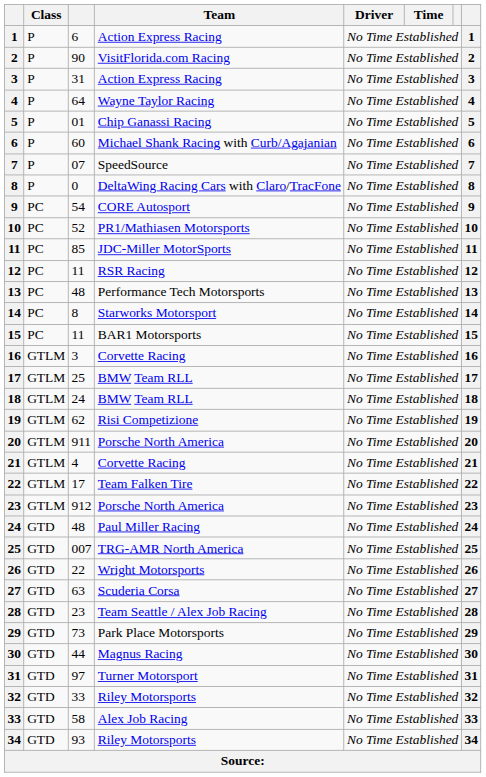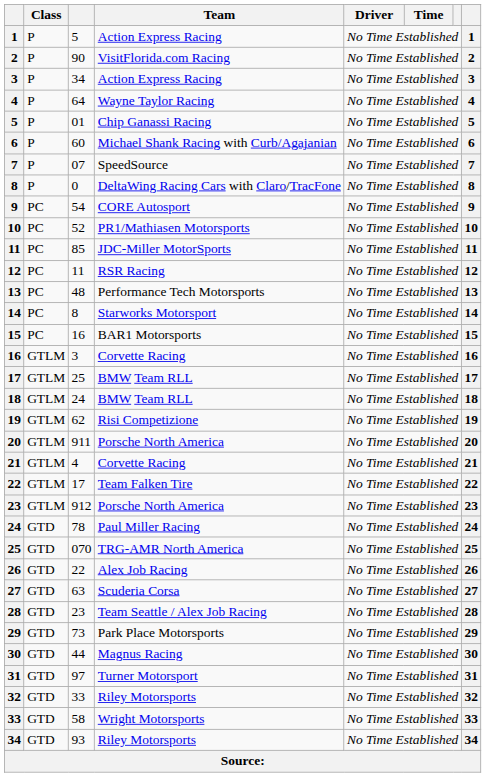 <table class="wikitable">
 <tr>
 <th></th>
 <th>Class</th>
 <th></th>
 <th>Team</th>
 <th>Driver</th>
 <th>Time</th>
 <th></th>
 <th></th>
 </tr>
 <tr>
 <th>1</th>
 <td>P</td>
-<td>6</td>
+<td>5</td>
 <td> <a href='#'>Action Express Racing</a></td>
 <td colspan="3"><em>No Time Established</em></td>
 <th>1</th>
 </tr>
 <tr>
 <th>2</th>
 <td>P</td>
 <td>90</td>
 <td> <a href='#'>VisitFlorida.com Racing</a></td>
 <td colspan="3"><em>No Time Established</em></td>
 <th>2</th>
 </tr>
 <tr>
 <th>3</th>
 <td>P</td>
-<td>31</td>
+<td>34</td>
 <td> <a href='#'>Action Express Racing</a></td>
 <td colspan="3"><em>No Time Established</em></td>
 <th>3</th>
 </tr>
 <tr>
 <th>4</th>
 <td>P</td>
 <td>64</td>
 <td> <a href='#'>Wayne Taylor Racing</a></td>
 <td colspan="3"><em>No Time Established</em></td>
 <th>4</th>
 </tr>
 <tr>
 <th>5</th>
 <td>P</td>
 <td>01</td>
 <td> <a href='#'>Chip Ganassi Racing</a></td>
 <td colspan="3"><em>No Time Established</em></td>
 <th>5</th>
 </tr>
 <tr>
 <th>6</th>
 <td>P</td>
 <td>60</td>
 <td> <a href='#'>Michael Shank Racing</a> with <a href='#'>Curb/Agajanian</a></td>
 <td colspan="3"><em>No Time Established</em></td>
 <th>6</th>
 </tr>
 <tr>
 <th>7</th>
 <td>P</td>
 <td>07</td>
 <td> SpeedSource</td>
 <td colspan="3"><em>No Time Established</em></td>
 <th>7</th>
 </tr>
 <tr>
 <th>8</th>
 <td>P</td>
 <td>0</td>
 <td> <a href='#'>DeltaWing Racing Cars</a> with <a href='#'>Claro</a>/<a href='#'>TracFone</a></td>
 <td colspan="3"><em>No Time Established</em></td>
 <th>8</th>
 </tr>
 <tr>
 <th>9</th>
 <td>PC</td>
 <td>54</td>
 <td> <a href='#'>CORE Autosport</a></td>
 <td colspan="3"><em>No Time Established</em></td>
 <th>9</th>
 </tr>
 <tr>
 <th>10</th>
 <td>PC</td>
 <td>52</td>
 <td> <a href='#'>PR1/Mathiasen Motorsports</a></td>
 <td colspan="3"><em>No Time Established</em></td>
 <th>10</th>
 </tr>
 <tr>
 <th>11</th>
 <td>PC</td>
 <td>85</td>
 <td> <a href='#'>JDC-Miller MotorSports</a></td>
 <td colspan="3"><em>No Time Established</em></td>
 <th>11</th>
 </tr>
 <tr>
 <th>12</th>
 <td>PC</td>
 <td>11</td>
 <td> <a href='#'>RSR Racing</a></td>
 <td colspan="3"><em>No Time Established</em></td>
 <th>12</th>
 </tr>
 <tr>
 <th>13</th>
 <td>PC</td>
 <td>48</td>
 <td> Performance Tech Motorsports</td>
 <td colspan="3"><em>No Time Established</em></td>
 <th>13</th>
 </tr>
 <tr>
 <th>14</th>
 <td>PC</td>
 <td>8</td>
 <td> <a href='#'>Starworks Motorsport</a></td>
 <td colspan="3"><em>No Time Established</em></td>
 <th>14</th>
 </tr>
 <tr>
 <th>15</th>
 <td>PC</td>
-<td>11</td>
+<td>16</td>
 <td> BAR1 Motorsports</td>
 <td colspan="3"><em>No Time Established</em></td>
 <th>15</th>
 </tr>
 <tr>
 <th>16</th>
 <td>GTLM</td>
 <td>3</td>
 <td> <a href='#'>Corvette Racing</a></td>
 <td colspan="3"><em>No Time Established</em></td>
 <th>16</th>
 </tr>
 <tr>
 <th>17</th>
 <td>GTLM</td>
 <td>25</td>
 <td> <a href='#'>BMW</a> <a href='#'>Team RLL</a></td>
 <td colspan="3"><em>No Time Established</em></td>
 <th>17</th>
 </tr>
 <tr>
 <th>18</th>
 <td>GTLM</td>
 <td>24</td>
 <td> <a href='#'>BMW</a> <a href='#'>Team RLL</a></td>
 <td colspan="3"><em>No Time Established</em></td>
 <th>18</th>
 </tr>
 <tr>
 <th>19</th>
 <td>GTLM</td>
 <td>62</td>
 <td> <a href='#'>Risi Competizione</a></td>
 <td colspan="3"><em>No Time Established</em></td>
 <th>19</th>
 </tr>
 <tr>
 <th>20</th>
 <td>GTLM</td>
 <td>911</td>
 <td> <a href='#'>Porsche North America</a></td>
 <td colspan="3"><em>No Time Established</em></td>
 <th>20</th>
 </tr>
 <tr>
 <th>21</th>
 <td>GTLM</td>
 <td>4</td>
 <td> <a href='#'>Corvette Racing</a></td>
 <td colspan="3"><em>No Time Established</em></td>
 <th>21</th>
 </tr>
 <tr>
 <th>22</th>
 <td>GTLM</td>
 <td>17</td>
 <td> <a href='#'>Team Falken Tire</a></td>
 <td colspan="3"><em>No Time Established</em></td>
 <th>22</th>
 </tr>
 <tr>
 <th>23</th>
 <td>GTLM</td>
 <td>912</td>
 <td> <a href='#'>Porsche North America</a></td>
 <td colspan="3"><em>No Time Established</em></td>
 <th>23</th>
 </tr>
 <tr>
 <th>24</th>
 <td>GTD</td>
-<td>48</td>
+<td>78</td>
 <td> <a href='#'>Paul Miller Racing</a></td>
 <td colspan="3"><em>No Time Established</em></td>
 <th>24</th>
 </tr>
 <tr>
 <th>25</th>
 <td>GTD</td>
-<td>007</td>
+<td>070</td>
 <td> <a href='#'>TRG-AMR North America</a></td>
 <td colspan="3"><em>No Time Established</em></td>
 <th>25</th>
 </tr>
 <tr>
 <th>26</th>
 <td>GTD</td>
 <td>22</td>
-<td> <a href='#'>Wright Motorsports</a></td>
+<td> <a href='#'>Alex Job Racing</a></td>
 <td colspan="3"><em>No Time Established</em></td>
 <th>26</th>
 </tr>
 <tr>
 <th>27</th>
 <td>GTD</td>
 <td>63</td>
 <td> <a href='#'>Scuderia Corsa</a></td>
 <td colspan="3"><em>No Time Established</em></td>
 <th>27</th>
 </tr>
 <tr>
 <th>28</th>
 <td>GTD</td>
 <td>23</td>
 <td> <a href='#'>Team Seattle / Alex Job Racing</a></td>
 <td colspan="3"><em>No Time Established</em></td>
 <th>28</th>
 </tr>
 <tr>
 <th>29</th>
 <td>GTD</td>
 <td>73</td>
 <td> Park Place Motorsports</td>
 <td colspan="3"><em>No Time Established</em></td>
 <th>29</th>
 </tr>
 <tr>
 <th>30</th>
 <td>GTD</td>
 <td>44</td>
 <td> <a href='#'>Magnus Racing</a></td>
 <td colspan="3"><em>No Time Established</em></td>
 <th>30</th>
 </tr>
 <tr>
 <th>31</th>
 <td>GTD</td>
 <td>97</td>
 <td> <a href='#'>Turner Motorsport</a></td>
 <td colspan="3"><em>No Time Established</em></td>
 <th>31</th>
 </tr>
 <tr>
 <th>32</th>
 <td>GTD</td>
 <td>33</td>
 <td> <a href='#'>Riley Motorsports</a></td>
 <td colspan="3"><em>No Time Established</em></td>
 <th>32</th>
 </tr>
 <tr>
 <th>33</th>
 <td>GTD</td>
 <td>58</td>
-<td> <a href='#'>Alex Job Racing</a></td>
+<td> <a href='#'>Wright Motorsports</a></td>
 <td colspan="3"><em>No Time Established</em></td>
 <th>33</th>
 </tr>
 <tr>
 <th>34</th>
 <td>GTD</td>
 <td>93</td>
 <td> <a href='#'>Riley Motorsports</a></td>
 <td colspan="3"><em>No Time Established</em></td>
 <th>34</th>
 </tr>
 <tr>
 <th colspan="8">Source:</th>
 </tr>
 </table>
